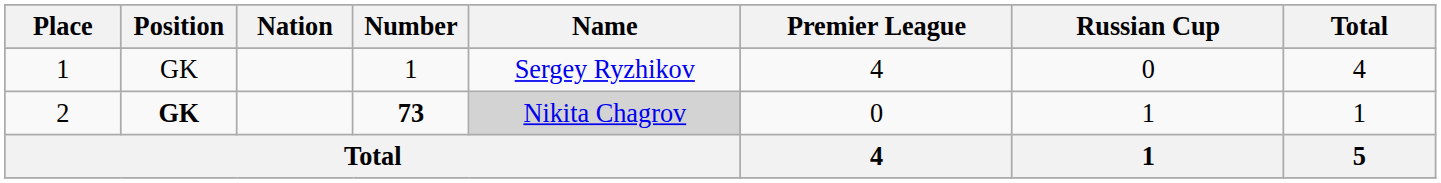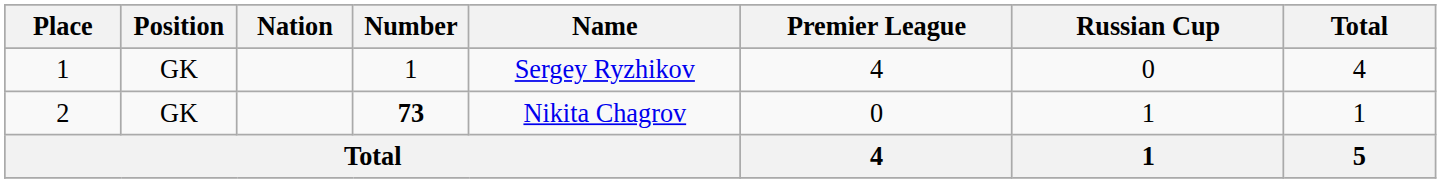 <table class="wikitable" style="font-size: 95%; text-align: center;">
 <tr>
 <th width=60>Place</th>
 <th width=60>Position</th>
 <th width=60>Nation</th>
 <th width=60>Number</th>
 <th width=150>Name</th>
 <th width=150>Premier League</th>
 <th width=150>Russian Cup</th>
 <th width=80>Total</th>
 </tr>
 <tr>
 <td>1</td>
 <td>GK</td>
 <td></td>
 <td>1</td>
 <td><a href='#'>Sergey Ryzhikov</a></td>
 <td>4</td>
 <td>0</td>
 <td>4</td>
 </tr>
 <tr>
 <td>2</td>
-<td><strong>GK</strong></td>
+<td>GK</td>
 <td></td>
 <td><strong>73</strong></td>
-<td style="background: lightgrey;"><a href='#'>Nikita Chagrov</a></td>
+<td><a href='#'>Nikita Chagrov</a></td>
 <td>0</td>
 <td>1</td>
 <td>1</td>
 </tr>
 <tr>
 <th colspan=5>Total</th>
 <th>4</th>
 <th>1</th>
 <th>5</th>
 </tr>
 </table>
